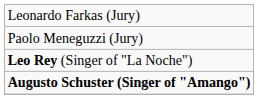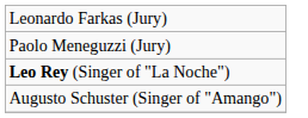 <table class="wikitable">
 <tr>
 <td>Leonardo Farkas (Jury)</td>
 </tr>
 <tr>
 <td>Paolo Meneguzzi (Jury)</td>
 </tr>
 <tr>
 <td><strong>Leo Rey</strong> (Singer of "La Noche")</td>
 </tr>
 <tr>
-<td><strong>Augusto Schuster (Singer of "Amango")</strong></td>
+<td>Augusto Schuster (Singer of "Amango")</td>
 </tr>
 <tr>
 </tr>
 </table>
